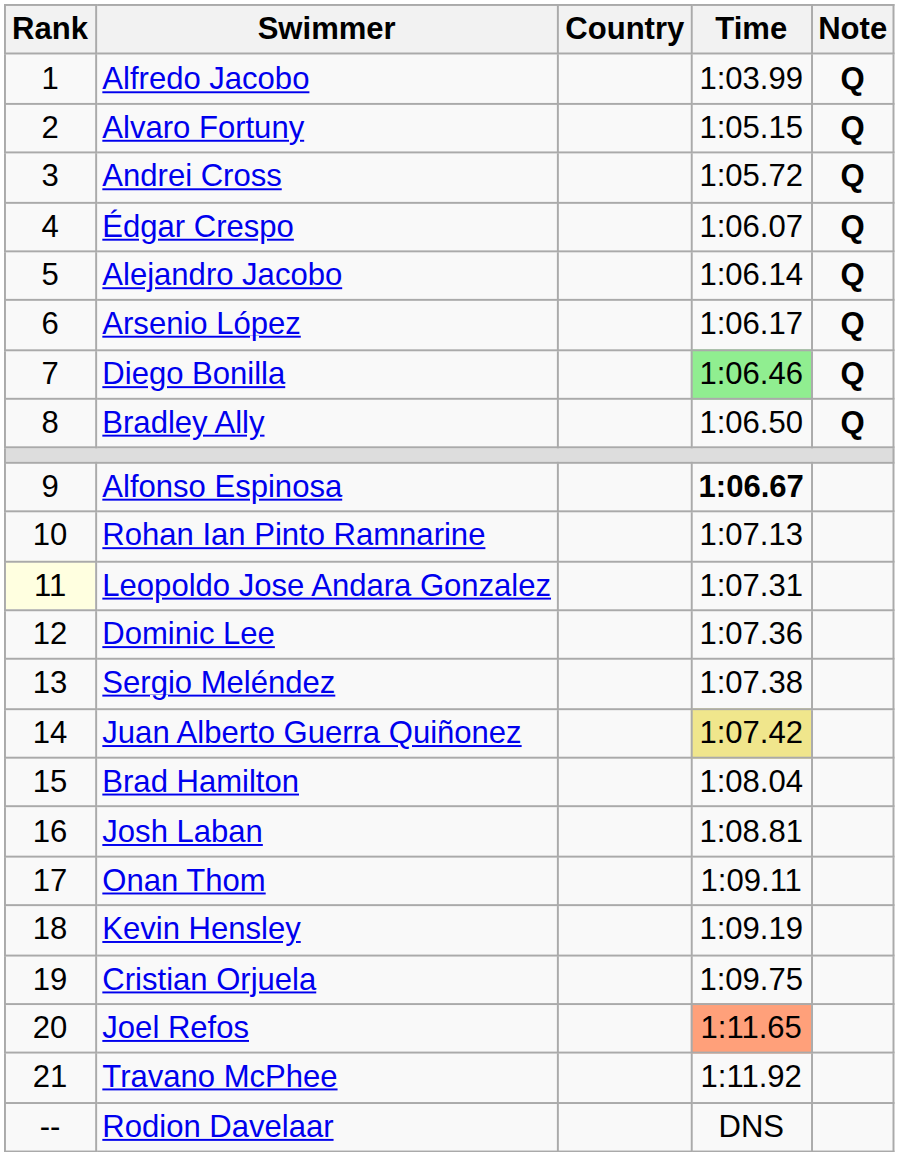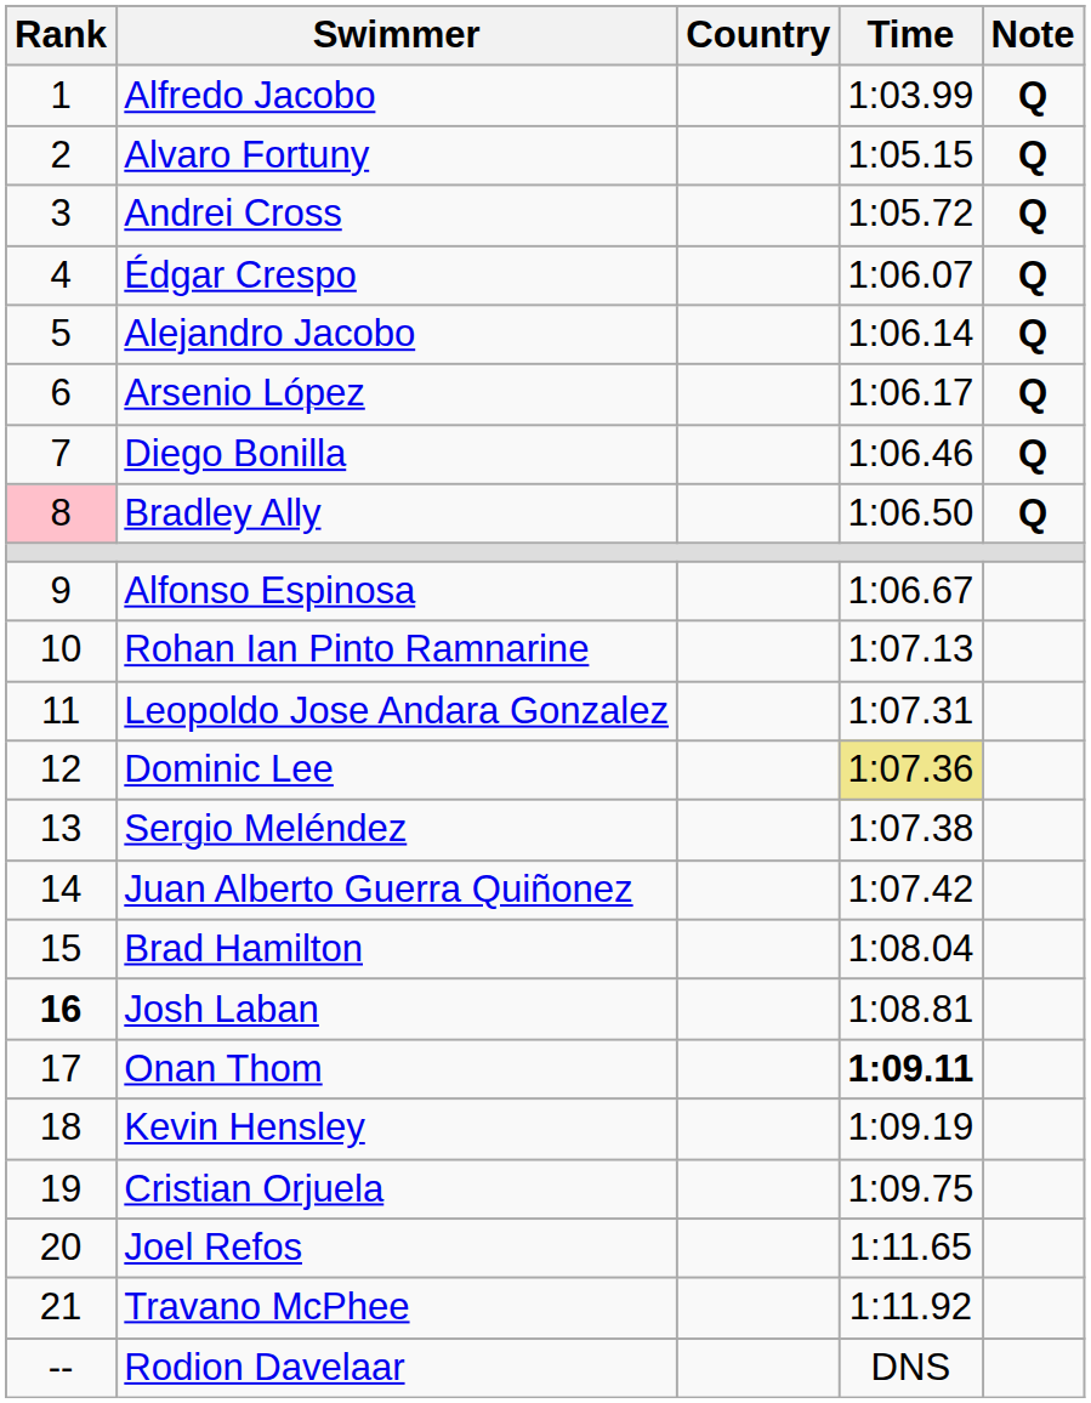 <table class="wikitable" style="text-align:center">
 <tr>
 <th>Rank</th>
 <th>Swimmer</th>
 <th>Country</th>
 <th>Time</th>
 <th>Note</th>
 </tr>
 <tr>
 <td>1</td>
 <td align=left><a href='#'>Alfredo Jacobo</a></td>
 <td align=left></td>
 <td>1:03.99</td>
 <td><strong>Q</strong></td>
 </tr>
 <tr>
 <td>2</td>
 <td align=left><a href='#'>Alvaro Fortuny</a></td>
 <td align=left></td>
 <td>1:05.15</td>
 <td><strong>Q</strong></td>
 </tr>
 <tr>
 <td>3</td>
 <td align=left><a href='#'>Andrei Cross</a></td>
 <td align=left></td>
 <td>1:05.72</td>
 <td><strong>Q</strong></td>
 </tr>
 <tr>
 <td>4</td>
 <td align=left><a href='#'>Édgar Crespo</a></td>
 <td align=left></td>
 <td>1:06.07</td>
 <td><strong>Q</strong></td>
 </tr>
 <tr>
 <td>5</td>
 <td align=left><a href='#'>Alejandro Jacobo</a></td>
 <td align=left></td>
 <td>1:06.14</td>
 <td><strong>Q</strong></td>
 </tr>
 <tr>
 <td>6</td>
 <td align=left><a href='#'>Arsenio López</a></td>
 <td align=left></td>
 <td>1:06.17</td>
 <td><strong>Q</strong></td>
 </tr>
 <tr>
 <td>7</td>
 <td align=left><a href='#'>Diego Bonilla</a></td>
 <td align=left></td>
-<td style="background: lightgreen;">1:06.46</td>
+<td>1:06.46</td>
 <td><strong>Q</strong></td>
 </tr>
 <tr>
-<td>8</td>
+<td style="background: pink;">8</td>
 <td align=left><a href='#'>Bradley Ally</a></td>
 <td align=left></td>
 <td>1:06.50</td>
 <td><strong>Q</strong></td>
 </tr>
 <tr bgcolor=#DDDDDD>
 <td colspan=5></td>
 </tr>
 <tr>
 <td>9</td>
 <td align=left><a href='#'>Alfonso Espinosa</a></td>
 <td align=left></td>
-<td><strong>1:06.67</strong></td>
+<td>1:06.67</td>
 <td></td>
 </tr>
 <tr>
 <td>10</td>
 <td align=left><a href='#'>Rohan Ian Pinto Ramnarine</a></td>
 <td align=left></td>
 <td>1:07.13</td>
 <td></td>
 </tr>
 <tr>
-<td style="background: lightyellow;">11</td>
+<td>11</td>
 <td align=left><a href='#'>Leopoldo Jose Andara Gonzalez</a></td>
 <td align=left></td>
 <td>1:07.31</td>
 <td></td>
 </tr>
 <tr>
 <td>12</td>
 <td align=left><a href='#'>Dominic Lee</a></td>
 <td align=left></td>
-<td>1:07.36</td>
+<td style="background: khaki;">1:07.36</td>
 <td></td>
 </tr>
 <tr>
 <td>13</td>
 <td align=left><a href='#'>Sergio Meléndez</a></td>
 <td align=left></td>
 <td>1:07.38</td>
 <td></td>
 </tr>
 <tr>
 <td>14</td>
 <td align=left><a href='#'>Juan Alberto Guerra Quiñonez</a></td>
 <td align=left></td>
-<td style="background: khaki;">1:07.42</td>
+<td>1:07.42</td>
 <td></td>
 </tr>
 <tr>
 <td>15</td>
 <td align=left><a href='#'>Brad Hamilton</a></td>
 <td align=left></td>
 <td>1:08.04</td>
 <td></td>
 </tr>
 <tr>
-<td>16</td>
+<td><strong>16</strong></td>
 <td align=left><a href='#'>Josh Laban</a></td>
 <td align=left></td>
 <td>1:08.81</td>
 <td></td>
 </tr>
 <tr>
 <td>17</td>
 <td align=left><a href='#'>Onan Thom</a></td>
 <td align=left></td>
-<td>1:09.11</td>
+<td><strong>1:09.11</strong></td>
 <td></td>
 </tr>
 <tr>
 <td>18</td>
 <td align=left><a href='#'>Kevin Hensley</a></td>
 <td align=left></td>
 <td>1:09.19</td>
 <td></td>
 </tr>
 <tr>
 <td>19</td>
 <td align=left><a href='#'>Cristian Orjuela</a></td>
 <td align=left></td>
 <td>1:09.75</td>
 <td></td>
 </tr>
 <tr>
 <td>20</td>
 <td align=left><a href='#'>Joel Refos</a></td>
 <td align=left></td>
-<td style="background: lightsalmon;">1:11.65</td>
+<td>1:11.65</td>
 <td></td>
 </tr>
 <tr>
 <td>21</td>
 <td align=left><a href='#'>Travano McPhee</a></td>
 <td align=left></td>
 <td>1:11.92</td>
 <td></td>
 </tr>
 <tr>
 <td>--</td>
 <td align=left><a href='#'>Rodion Davelaar</a></td>
 <td align=left></td>
 <td>DNS</td>
 <td></td>
 </tr>
 </table>
